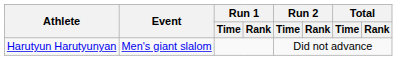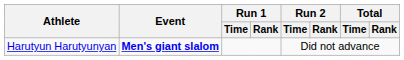 <table class=wikitable style=font-size:90%;text-align:center>
 <tr>
 <th rowspan=2>Athlete</th>
 <th rowspan=2>Event</th>
 <th colspan=2>Run 1</th>
 <th colspan=2>Run 2</th>
 <th colspan=2>Total</th>
 </tr>
 <tr style="font-size:95%">
 <th>Time</th>
 <th>Rank</th>
 <th>Time</th>
 <th>Rank</th>
 <th>Time</th>
 <th>Rank</th>
 </tr>
 <tr>
 <td align=left><a href='#'>Harutyun Harutyunyan</a></td>
-<td align=left><a href='#'>Men's giant slalom</a></td>
+<td align=left><strong><a href='#'>Men's giant slalom</a></strong></td>
 <td colspan=2></td>
 <td colspan=4>Did not advance</td>
 </tr>
 </table>
